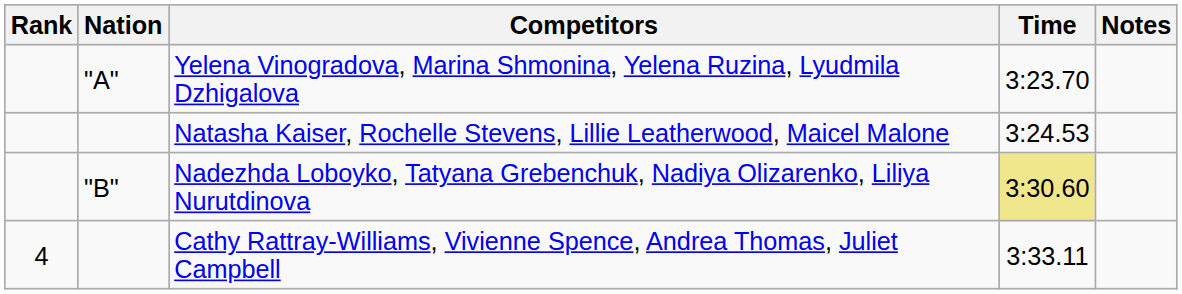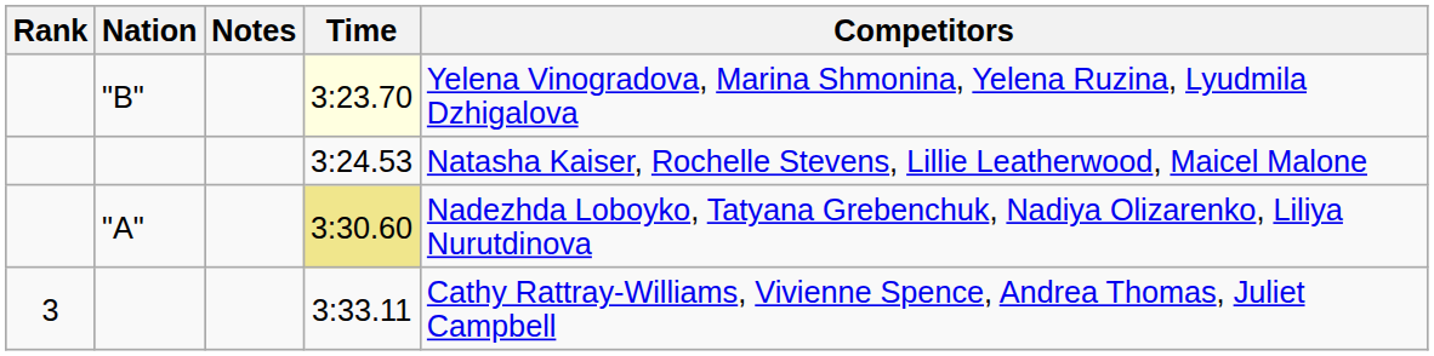 <table class="wikitable sortable" width=80% style="text-align:center; font-size:95%">
 <tr>
 <th>Rank</th>
 <th>Nation</th>
+<th>Notes</th>
+<th>Time</th>
 <th>Competitors</th>
-<th>Time</th>
-<th>Notes</th>
+</tr>
+<tr>
+<td></td>
+<td align=left> "B"</td>
+<td></td>
+<td style="background: lightyellow;">3:23.70</td>
+<td align=left><a href='#'>Yelena Vinogradova</a>, <a href='#'>Marina Shmonina</a>, <a href='#'>Yelena Ruzina</a>, <a href='#'>Lyudmila Dzhigalova</a></td>
+</tr>
+<tr>
+<td></td>
+<td align=left></td>
+<td></td>
+<td>3:24.53</td>
+<td align=left><a href='#'>Natasha Kaiser</a>, <a href='#'>Rochelle Stevens</a>, <a href='#'>Lillie Leatherwood</a>, <a href='#'>Maicel Malone</a></td>
 </tr>
 <tr>
 <td></td>
 <td align=left> "A"</td>
-<td align=left><a href='#'>Yelena Vinogradova</a>, <a href='#'>Marina Shmonina</a>, <a href='#'>Yelena Ruzina</a>, <a href='#'>Lyudmila Dzhigalova</a></td>
-<td>3:23.70</td>
 <td></td>
+<td style="background: khaki;">3:30.60</td>
+<td align=left><a href='#'>Nadezhda Loboyko</a>, <a href='#'>Tatyana Grebenchuk</a>, <a href='#'>Nadiya Olizarenko</a>, <a href='#'>Liliya Nurutdinova</a></td>
 </tr>
 <tr>
+<td>3</td>
+<td align=left></td>
 <td></td>
-<td align=left></td>
-<td align=left><a href='#'>Natasha Kaiser</a>, <a href='#'>Rochelle Stevens</a>, <a href='#'>Lillie Leatherwood</a>, <a href='#'>Maicel Malone</a></td>
-<td>3:24.53</td>
-<td></td>
-</tr>
-<tr>
-<td></td>
-<td align=left> "B"</td>
-<td align=left><a href='#'>Nadezhda Loboyko</a>, <a href='#'>Tatyana Grebenchuk</a>, <a href='#'>Nadiya Olizarenko</a>, <a href='#'>Liliya Nurutdinova</a></td>
-<td style="background: khaki;">3:30.60</td>
-<td></td>
-</tr>
-<tr>
-<td>4</td>
-<td align=left></td>
+<td>3:33.11</td>
 <td align=left><a href='#'>Cathy Rattray-Williams</a>, <a href='#'>Vivienne Spence</a>, <a href='#'>Andrea Thomas</a>, <a href='#'>Juliet Campbell</a></td>
-<td>3:33.11</td>
-<td></td>
 </tr>
 </table>
